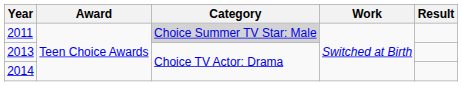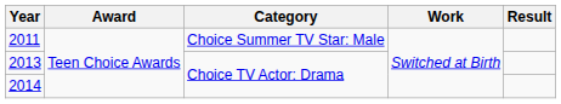 <table class="wikitable sortable">
 <tr>
 <th>Year</th>
 <th>Award</th>
 <th>Category</th>
 <th>Work</th>
 <th>Result</th>
 </tr>
 <tr>
 <td><a href='#'>2011</a></td>
 <td rowspan="3"><a href='#'>Teen Choice Awards</a></td>
-<td style="background: lightgrey;"><a href='#'>Choice Summer TV Star: Male</a></td>
+<td><a href='#'>Choice Summer TV Star: Male</a></td>
 <td rowspan="3"><em><a href='#'>Switched at Birth</a></em></td>
 <td></td>
 </tr>
 <tr>
 <td><a href='#'>2013</a></td>
 <td rowspan="2"><a href='#'>Choice TV Actor: Drama</a></td>
 <td></td>
 </tr>
 <tr>
 <td><a href='#'>2014</a></td>
 <td></td>
 </tr>
 </table>
